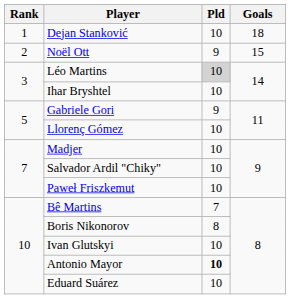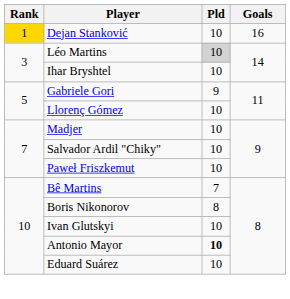 <table class="wikitable" style="text-align:center">
 <tr>
 <th width=45>Rank</th>
 <th width=200>Player</th>
 <th width=30>Pld</th>
 <th width=65>Goals</th>
 </tr>
 <tr>
-<td>1</td>
+<td style="background: gold;">1</td>
 <td style="text-align:left"> <a href='#'>Dejan Stanković</a></td>
 <td>10</td>
-<td>18</td>
-</tr>
-<tr>
-<td>2</td>
-<td style="text-align:left"> <a href='#'>Noël Ott</a></td>
-<td>9</td>
-<td>15</td>
+<td>16</td>
 </tr>
 <tr>
 <td rowspan=2>3</td>
 <td style="text-align:left"> Léo Martins</td>
 <td style="background: lightgrey;">10</td>
 <td rowspan=2>14</td>
 </tr>
 <tr>
 <td style="text-align:left"> Ihar Bryshtel</td>
 <td>10</td>
 </tr>
 <tr>
 <td rowspan=2>5</td>
 <td style="text-align:left"> <a href='#'>Gabriele Gori</a></td>
 <td>9</td>
 <td rowspan=2>11</td>
 </tr>
 <tr>
 <td style="text-align:left"> <a href='#'>Llorenç Gómez</a></td>
 <td>10</td>
 </tr>
 <tr>
 <td rowspan=3>7</td>
 <td style="text-align:left"> <a href='#'>Madjer</a></td>
 <td>10</td>
 <td rowspan=3>9</td>
 </tr>
 <tr>
 <td style="text-align:left"> Salvador Ardil "Chiky"</td>
 <td>10</td>
 </tr>
 <tr>
 <td style="text-align:left"> <a href='#'>Paweł Friszkemut</a></td>
 <td>10</td>
 </tr>
 <tr>
 <td rowspan=5>10</td>
 <td style="text-align:left"> <a href='#'>Bê Martins</a></td>
 <td>7</td>
 <td rowspan=5>8</td>
 </tr>
 <tr>
 <td style="text-align:left"> Boris Nikonorov</td>
 <td>8</td>
 </tr>
 <tr>
 <td style="text-align:left"> Ivan Glutskyi</td>
 <td>10</td>
 </tr>
 <tr>
 <td style="text-align:left"> Antonio Mayor</td>
 <td><strong>10</strong></td>
 </tr>
 <tr>
 <td style="text-align:left"> Eduard Suárez</td>
 <td>10</td>
 </tr>
 </table>
